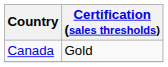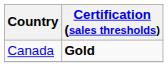 <table class="wikitable">
 <tr>
 <th>Country</th>
 <th><a href='#'>Certification</a><br>(<small><a href='#'>sales thresholds</a>)</small></th>
 </tr>
 <tr>
 <td><a href='#'>Canada</a></td>
-<td>Gold</td>
+<td><strong>Gold</strong></td>
 </tr>
 <tr>
 </tr>
 </table>
